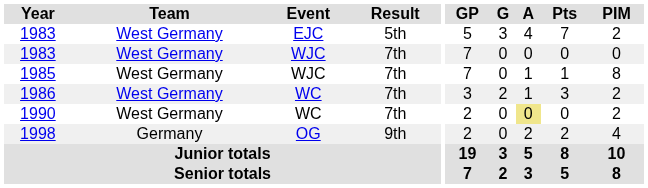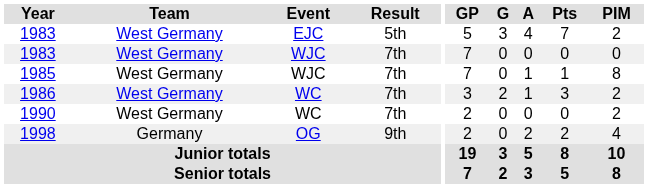 <table border="0" cellpadding="1" cellspacing="0" style="text-align:center; width:40em">
 <tr bgcolor="#e0e0e0">
 <th>Year</th>
 <th>Team</th>
 <th>Event</th>
 <th>Result</th>
 <th rowspan="99" bgcolor="#ffffff"></th>
 <th>GP</th>
 <th>G</th>
 <th>A</th>
 <th>Pts</th>
 <th>PIM</th>
 </tr>
 <tr>
 <td><a href='#'>1983</a></td>
 <td><a href='#'>West Germany</a></td>
 <td><a href='#'>EJC</a></td>
 <td>5th</td>
 <td>5</td>
 <td>3</td>
 <td>4</td>
 <td>7</td>
 <td>2</td>
 </tr>
 <tr bgcolor="#f0f0f0">
 <td><a href='#'>1983</a></td>
 <td><a href='#'>West Germany</a></td>
 <td><a href='#'>WJC</a></td>
 <td>7th</td>
 <td>7</td>
 <td>0</td>
 <td>0</td>
 <td>0</td>
 <td>0</td>
 </tr>
 <tr>
 <td><a href='#'>1985</a></td>
 <td>West Germany</td>
 <td>WJC</td>
 <td>7th</td>
 <td>7</td>
 <td>0</td>
 <td>1</td>
 <td>1</td>
 <td>8</td>
 </tr>
 <tr bgcolor="#f0f0f0">
 <td><a href='#'>1986</a></td>
 <td><a href='#'>West Germany</a></td>
 <td><a href='#'>WC</a></td>
 <td>7th</td>
 <td>3</td>
 <td>2</td>
 <td>1</td>
 <td>3</td>
 <td>2</td>
 </tr>
 <tr>
 <td><a href='#'>1990</a></td>
 <td>West Germany</td>
 <td>WC</td>
 <td>7th</td>
 <td>2</td>
 <td>0</td>
-<td style="background: khaki;">0</td>
+<td>0</td>
 <td>0</td>
 <td>2</td>
 </tr>
 <tr bgcolor="#f0f0f0">
 <td><a href='#'>1998</a></td>
 <td>Germany</td>
 <td><a href='#'>OG</a></td>
 <td>9th</td>
 <td>2</td>
 <td>0</td>
 <td>2</td>
 <td>2</td>
 <td>4</td>
 </tr>
 <tr style="background:#e0e0e0;">
 <th colspan="4">Junior totals</th>
 <th>19</th>
 <th>3</th>
 <th>5</th>
 <th>8</th>
 <th>10</th>
 </tr>
 <tr style="background:#e0e0e0;">
 <th colspan="4">Senior totals</th>
 <th>7</th>
 <th>2</th>
 <th>3</th>
 <th>5</th>
 <th>8</th>
 </tr>
 </table>
